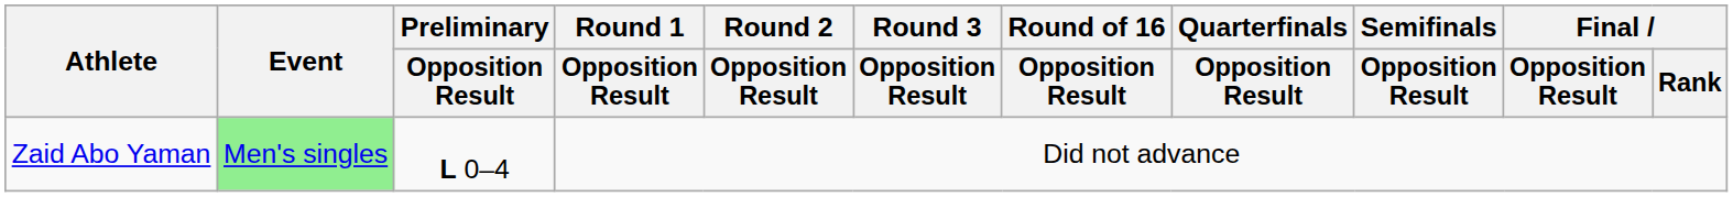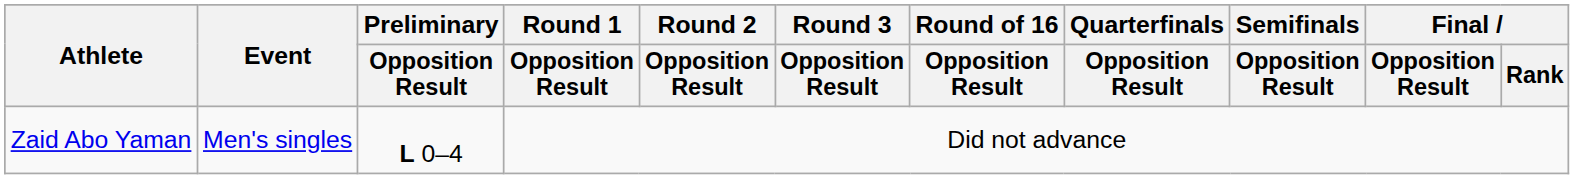 <table class="wikitable" style="font-size:90%;">
 <tr>
 <th rowspan=2>Athlete</th>
 <th rowspan=2>Event</th>
 <th>Preliminary</th>
 <th>Round 1</th>
 <th>Round 2</th>
 <th>Round 3</th>
 <th>Round of 16</th>
 <th>Quarterfinals</th>
 <th>Semifinals</th>
 <th colspan=2>Final / </th>
 </tr>
 <tr style="font-size:95%">
 <th>Opposition<br>Result</th>
 <th>Opposition<br>Result</th>
 <th>Opposition<br>Result</th>
 <th>Opposition<br>Result</th>
 <th>Opposition<br>Result</th>
 <th>Opposition<br>Result</th>
 <th>Opposition<br>Result</th>
 <th>Opposition<br>Result</th>
 <th>Rank</th>
 </tr>
 <tr align=center>
 <td align=left><a href='#'>Zaid Abo Yaman</a></td>
-<td align=left style="background: lightgreen;"><a href='#'>Men's singles</a></td>
+<td align=left><a href='#'>Men's singles</a></td>
 <td><br><strong>L</strong> 0–4</td>
 <td colspan=8>Did not advance</td>
 </tr>
 </table>
